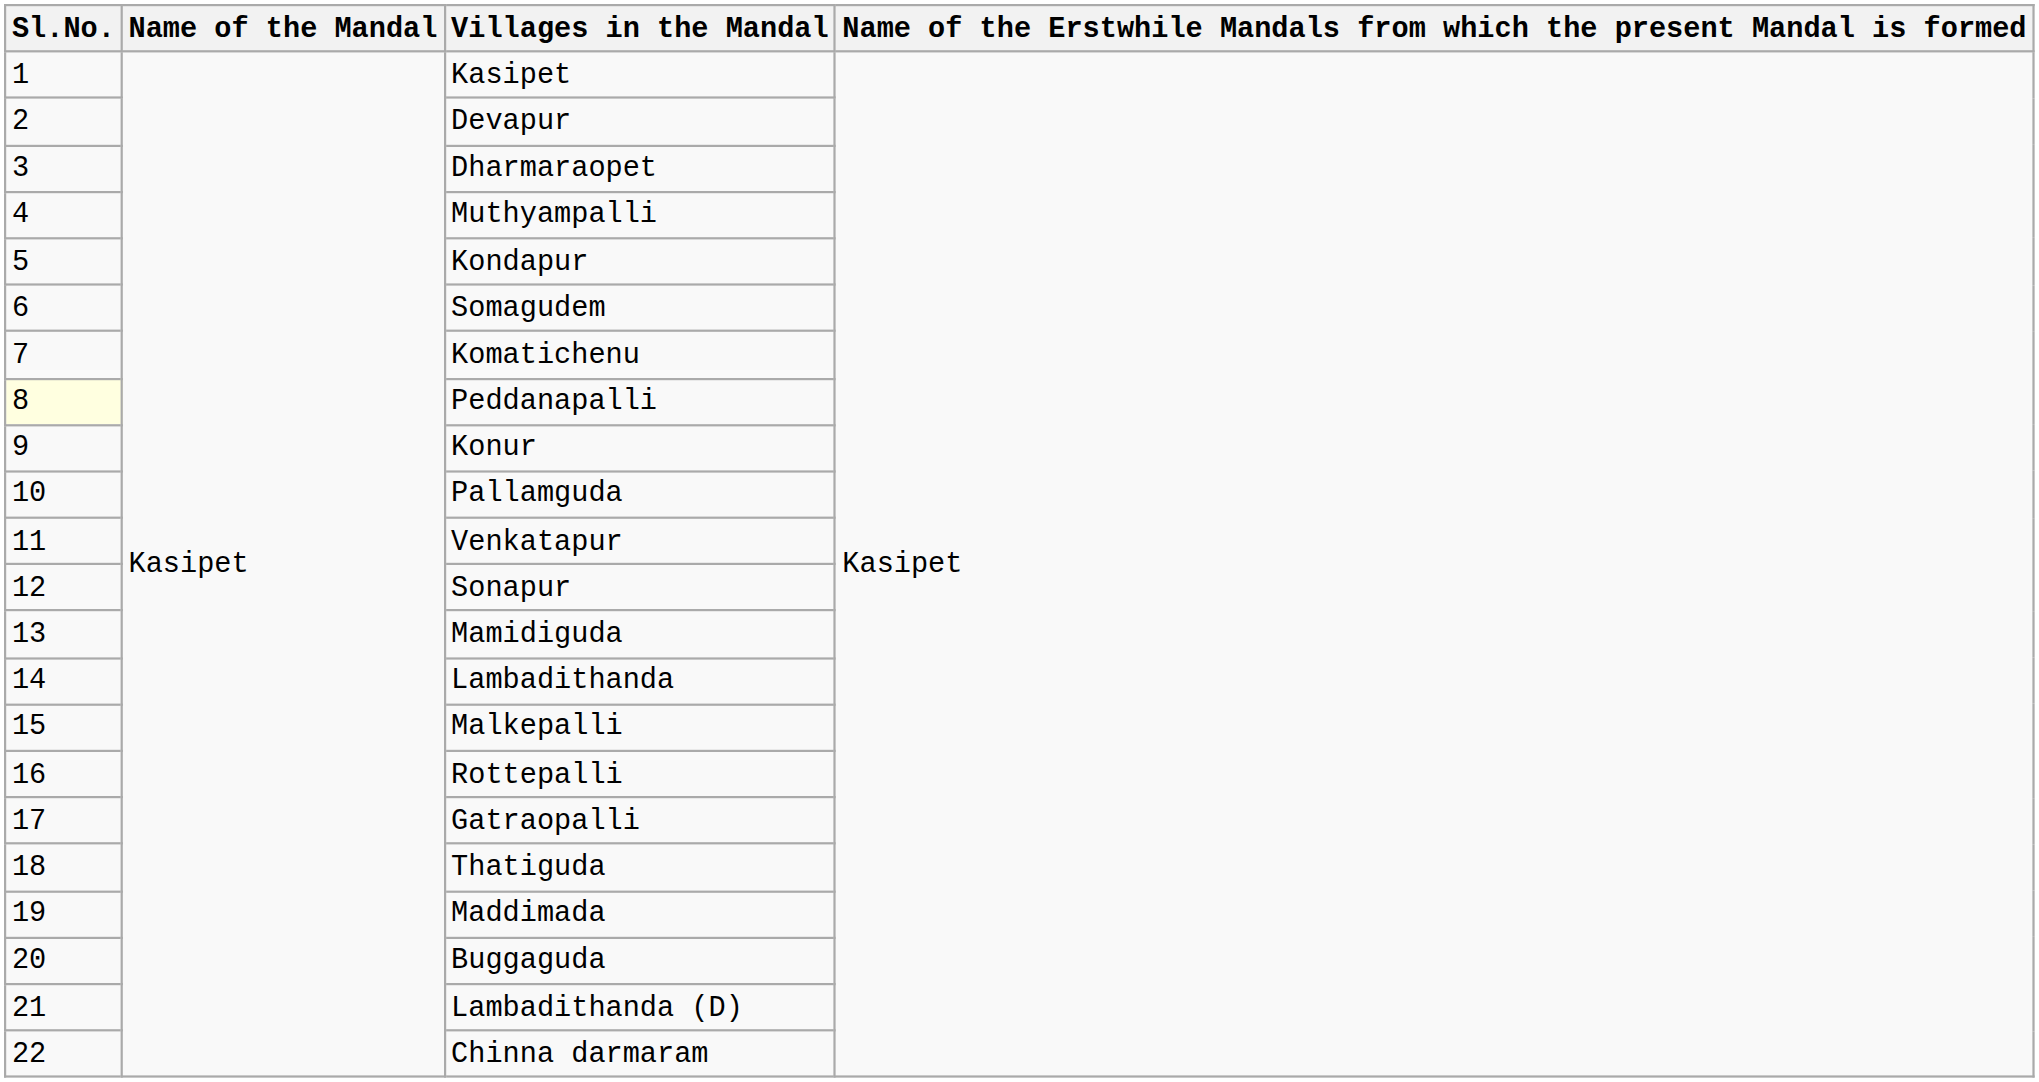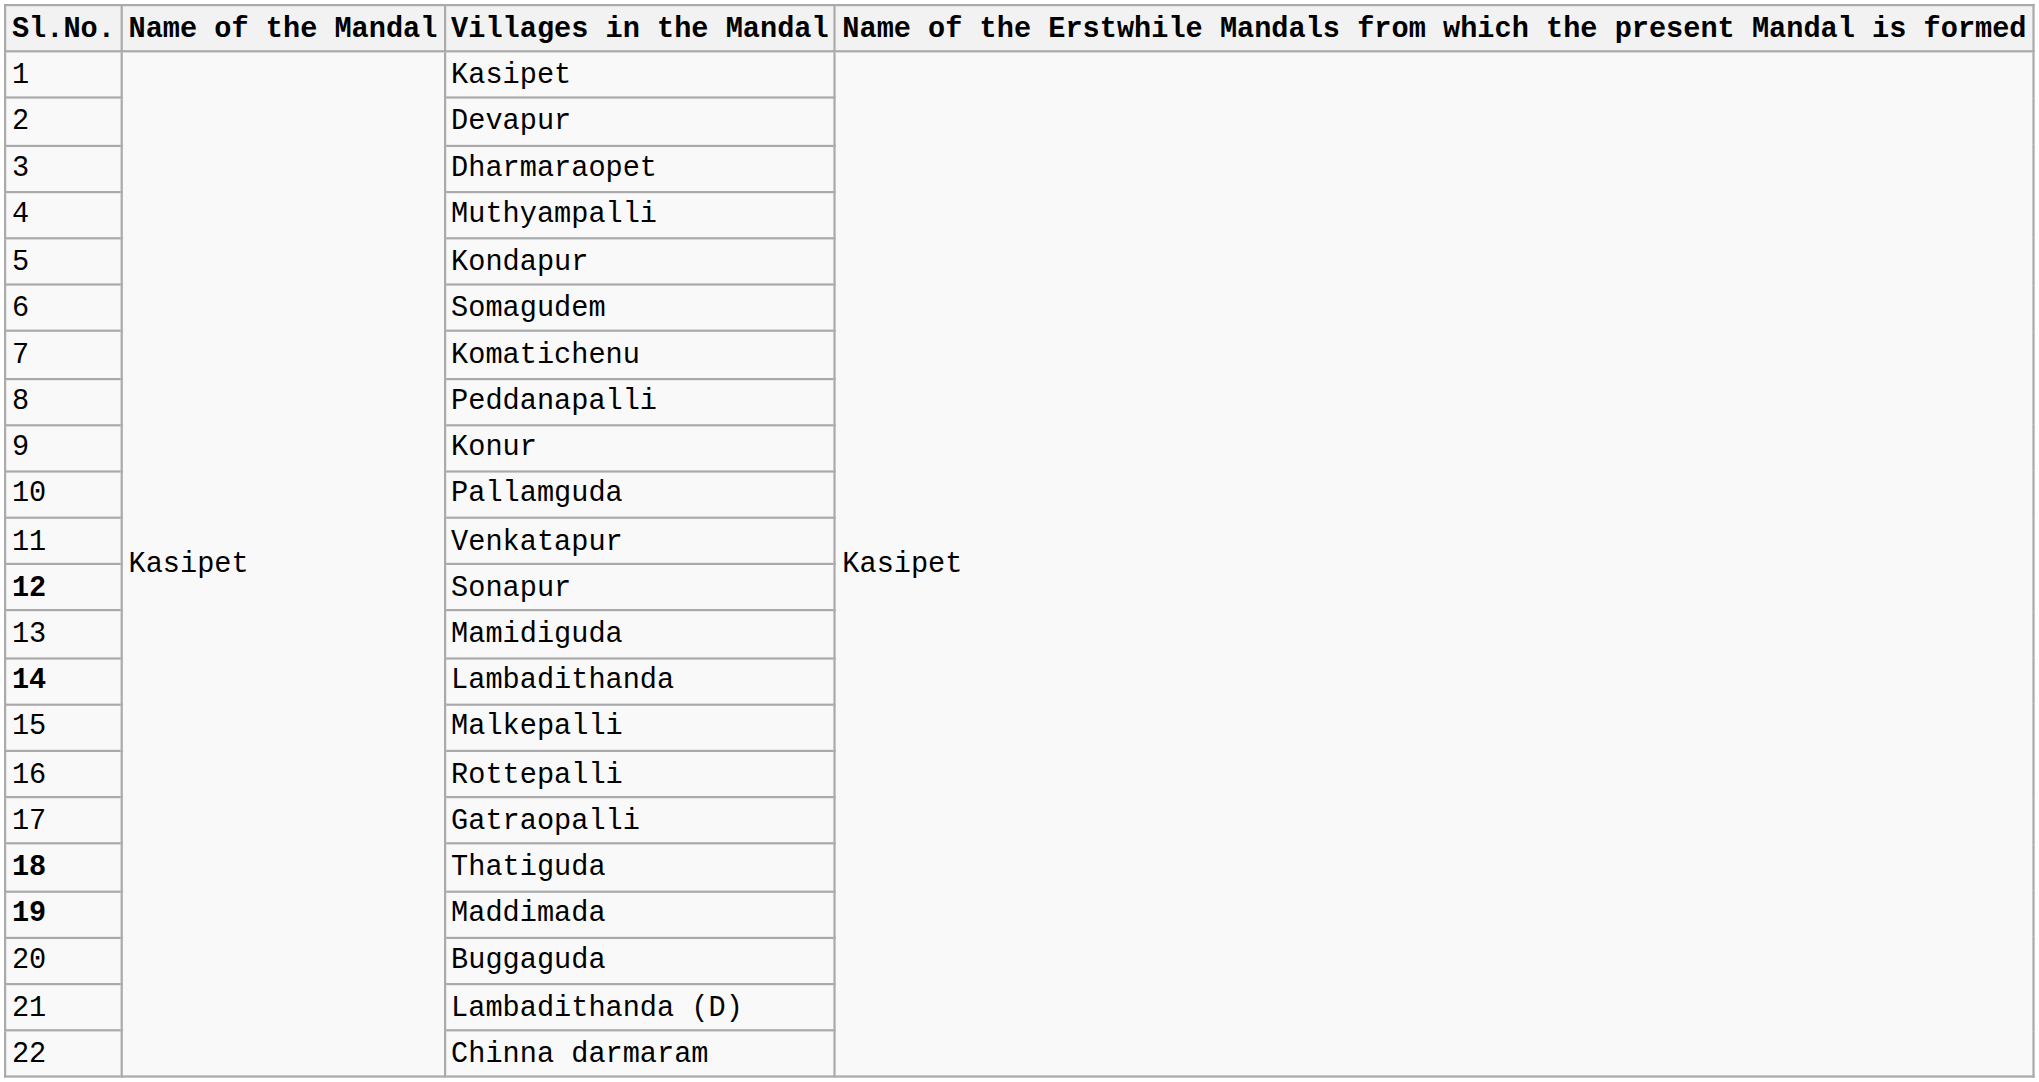 <table class="wikitable">
 <tr>
 <th>Sl.No.</th>
 <th>Name of the Mandal</th>
 <th>Villages in the Mandal</th>
 <th>Name of the Erstwhile Mandals from which the present Mandal is formed</th>
 </tr>
 <tr>
 <td>1</td>
 <td rowspan="22">Kasipet</td>
 <td>Kasipet</td>
 <td rowspan="22">Kasipet</td>
 </tr>
 <tr>
 <td>2</td>
 <td>Devapur</td>
 </tr>
 <tr>
 <td>3</td>
 <td>Dharmaraopet</td>
 </tr>
 <tr>
 <td>4</td>
 <td>Muthyampalli</td>
 </tr>
 <tr>
 <td>5</td>
 <td>Kondapur</td>
 </tr>
 <tr>
 <td>6</td>
 <td>Somagudem</td>
 </tr>
 <tr>
 <td>7</td>
 <td>Komatichenu</td>
 </tr>
 <tr>
-<td style="background: lightyellow;">8</td>
+<td>8</td>
 <td>Peddanapalli</td>
 </tr>
 <tr>
 <td>9</td>
 <td>Konur</td>
 </tr>
 <tr>
 <td>10</td>
 <td>Pallamguda</td>
 </tr>
 <tr>
 <td>11</td>
 <td>Venkatapur</td>
 </tr>
 <tr>
-<td>12</td>
+<td><strong>12</strong></td>
 <td>Sonapur</td>
 </tr>
 <tr>
 <td>13</td>
 <td>Mamidiguda</td>
 </tr>
 <tr>
-<td>14</td>
+<td><strong>14</strong></td>
 <td>Lambadithanda</td>
 </tr>
 <tr>
 <td>15</td>
 <td>Malkepalli</td>
 </tr>
 <tr>
 <td>16</td>
 <td>Rottepalli</td>
 </tr>
 <tr>
 <td>17</td>
 <td>Gatraopalli</td>
 </tr>
 <tr>
-<td>18</td>
+<td><strong>18</strong></td>
 <td>Thatiguda</td>
 </tr>
 <tr>
-<td>19</td>
+<td><strong>19</strong></td>
 <td>Maddimada</td>
 </tr>
 <tr>
 <td>20</td>
 <td>Buggaguda</td>
 </tr>
 <tr>
 <td>21</td>
 <td>Lambadithanda (D)</td>
 </tr>
 <tr>
 <td>22</td>
 <td>Chinna darmaram</td>
 </tr>
 </table>
